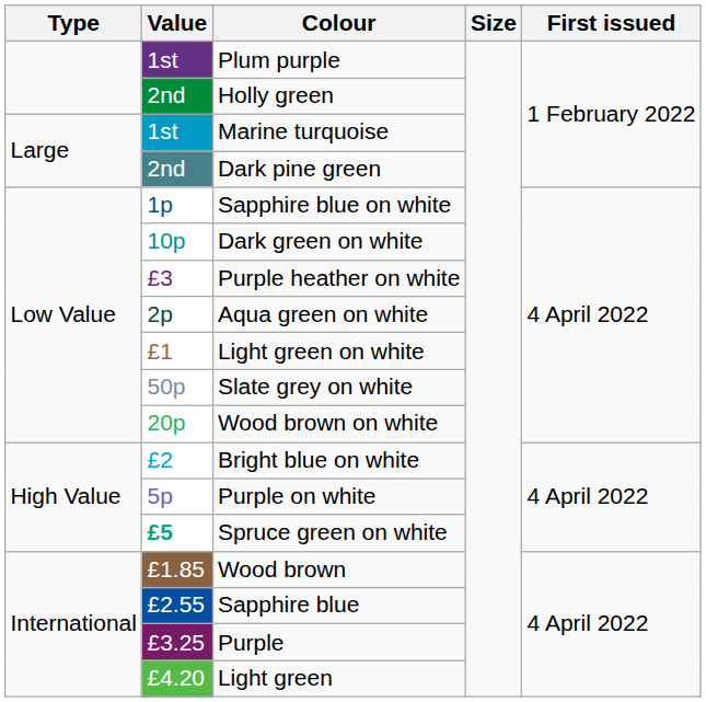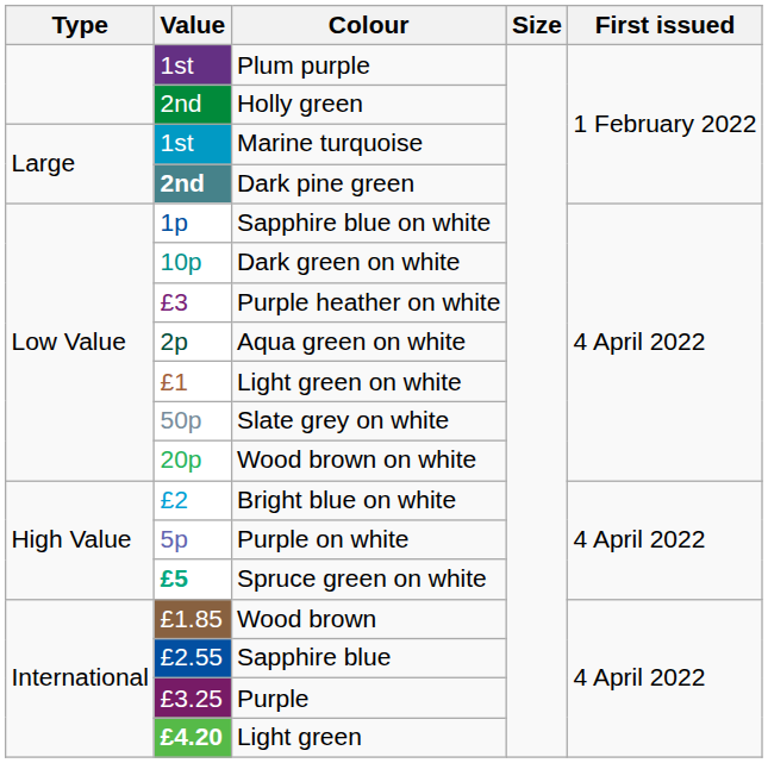 <table class=wikitable>
 <tr>
 <th>Type</th>
 <th>Value</th>
 <th>Colour</th>
 <th>Size</th>
 <th>First issued</th>
 </tr>
 <tr>
 <td rowspan="2"></td>
 <td style="background:#643083; color:#ffffff">1st</td>
 <td>Plum purple</td>
 <td rowspan="18"></td>
 <td rowspan="4">1 February 2022</td>
 </tr>
 <tr>
 <td style="background:#018a3a; color:#ffffff">2nd</td>
 <td>Holly green</td>
 </tr>
 <tr>
 <td rowspan="2"> Large</td>
 <td style="background:#019ac4; color:#ffffff">1st</td>
 <td>Marine turquoise</td>
 </tr>
 <tr>
-<td style="background:#46828a; color:#ffffff">2nd</td>
+<td style="background:#46828a; color:#ffffff"><strong>2nd</strong></td>
 <td>Dark pine green</td>
 </tr>
 <tr>
 <td rowspan="7">Low Value</td>
 <td style="background:#ffffff; color:#004f9e">1p</td>
 <td>Sapphire blue on white</td>
 <td rowspan="7">4 April 2022</td>
 </tr>
 <tr>
 <td style="background:#ffffff; color:#00918a">10p</td>
 <td>Dark green on white</td>
 </tr>
 <tr>
 <td style="background:#ffffff; color:#781e78">£3</td>
 <td>Purple heather on white</td>
 </tr>
 <tr>
 <td style="background:#ffffff; color:#004e38">2p</td>
 <td>Aqua green on white</td>
 </tr>
 <tr>
 <td style="background:#ffffff; color:#a3623c">£1</td>
 <td>Light green on white</td>
 </tr>
 <tr>
 <td style="background:#ffffff; color:#778d9b">50p</td>
 <td>Slate grey on white</td>
 </tr>
 <tr>
 <td style="background:#ffffff; color:#25b45a">20p</td>
 <td>Wood brown on white</td>
 </tr>
 <tr>
 <td rowspan="3">High Value</td>
 <td style="background:#ffffff; color:#00a1d5">£2</td>
 <td>Bright blue on white</td>
 <td rowspan="3">4 April 2022</td>
 </tr>
 <tr>
 <td style="background:#ffffff; color:#6365b0">5p</td>
 <td>Purple on white</td>
 </tr>
 <tr>
 <td style="background:#ffffff; color:#00a87f"><strong>£5</strong></td>
 <td>Spruce green on white</td>
 </tr>
 <tr>
 <td rowspan="4">International</td>
 <td style="background:#886140; color:#ffffff">£1.85</td>
 <td>Wood brown</td>
 <td rowspan="4">4 April 2022</td>
 </tr>
 <tr>
 <td style="background:#024fa1; color:#ffffff">£2.55</td>
 <td>Sapphire blue</td>
 </tr>
 <tr>
 <td style="background:#771b66; color:#ffffff">£3.25</td>
 <td>Purple</td>
 </tr>
 <tr>
-<td style="background:#56ba48; color:#ffffff">£4.20</td>
+<td style="background:#56ba48; color:#ffffff"><strong>£4.20</strong></td>
 <td>Light green</td>
 </tr>
 </table>
